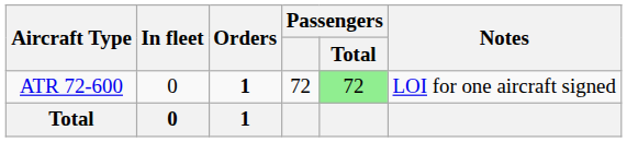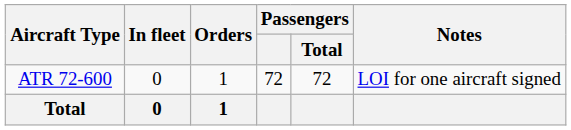 <table class="wikitable" style="margin:0.5em auto;text-align:center">
 <tr>
 <th rowspan="2">Aircraft Type</th>
 <th rowspan="2">In fleet</th>
 <th rowspan="2">Orders</th>
 <th colspan="2">Passengers</th>
 <th rowspan="2">Notes</th>
 </tr>
 <tr>
 <th></th>
 <th>Total</th>
 </tr>
 <tr>
 <td><a href='#'>ATR 72-600</a></td>
 <td>0</td>
-<td><strong>1</strong></td>
+<td>1</td>
 <td>72</td>
-<td style="background: lightgreen;">72</td>
+<td>72</td>
 <td><a href='#'>LOI</a> for one aircraft signed</td>
 </tr>
 <tr>
 <th>Total</th>
 <th>0</th>
 <th>1</th>
 <th></th>
 <th></th>
 <th></th>
 </tr>
 </table>
